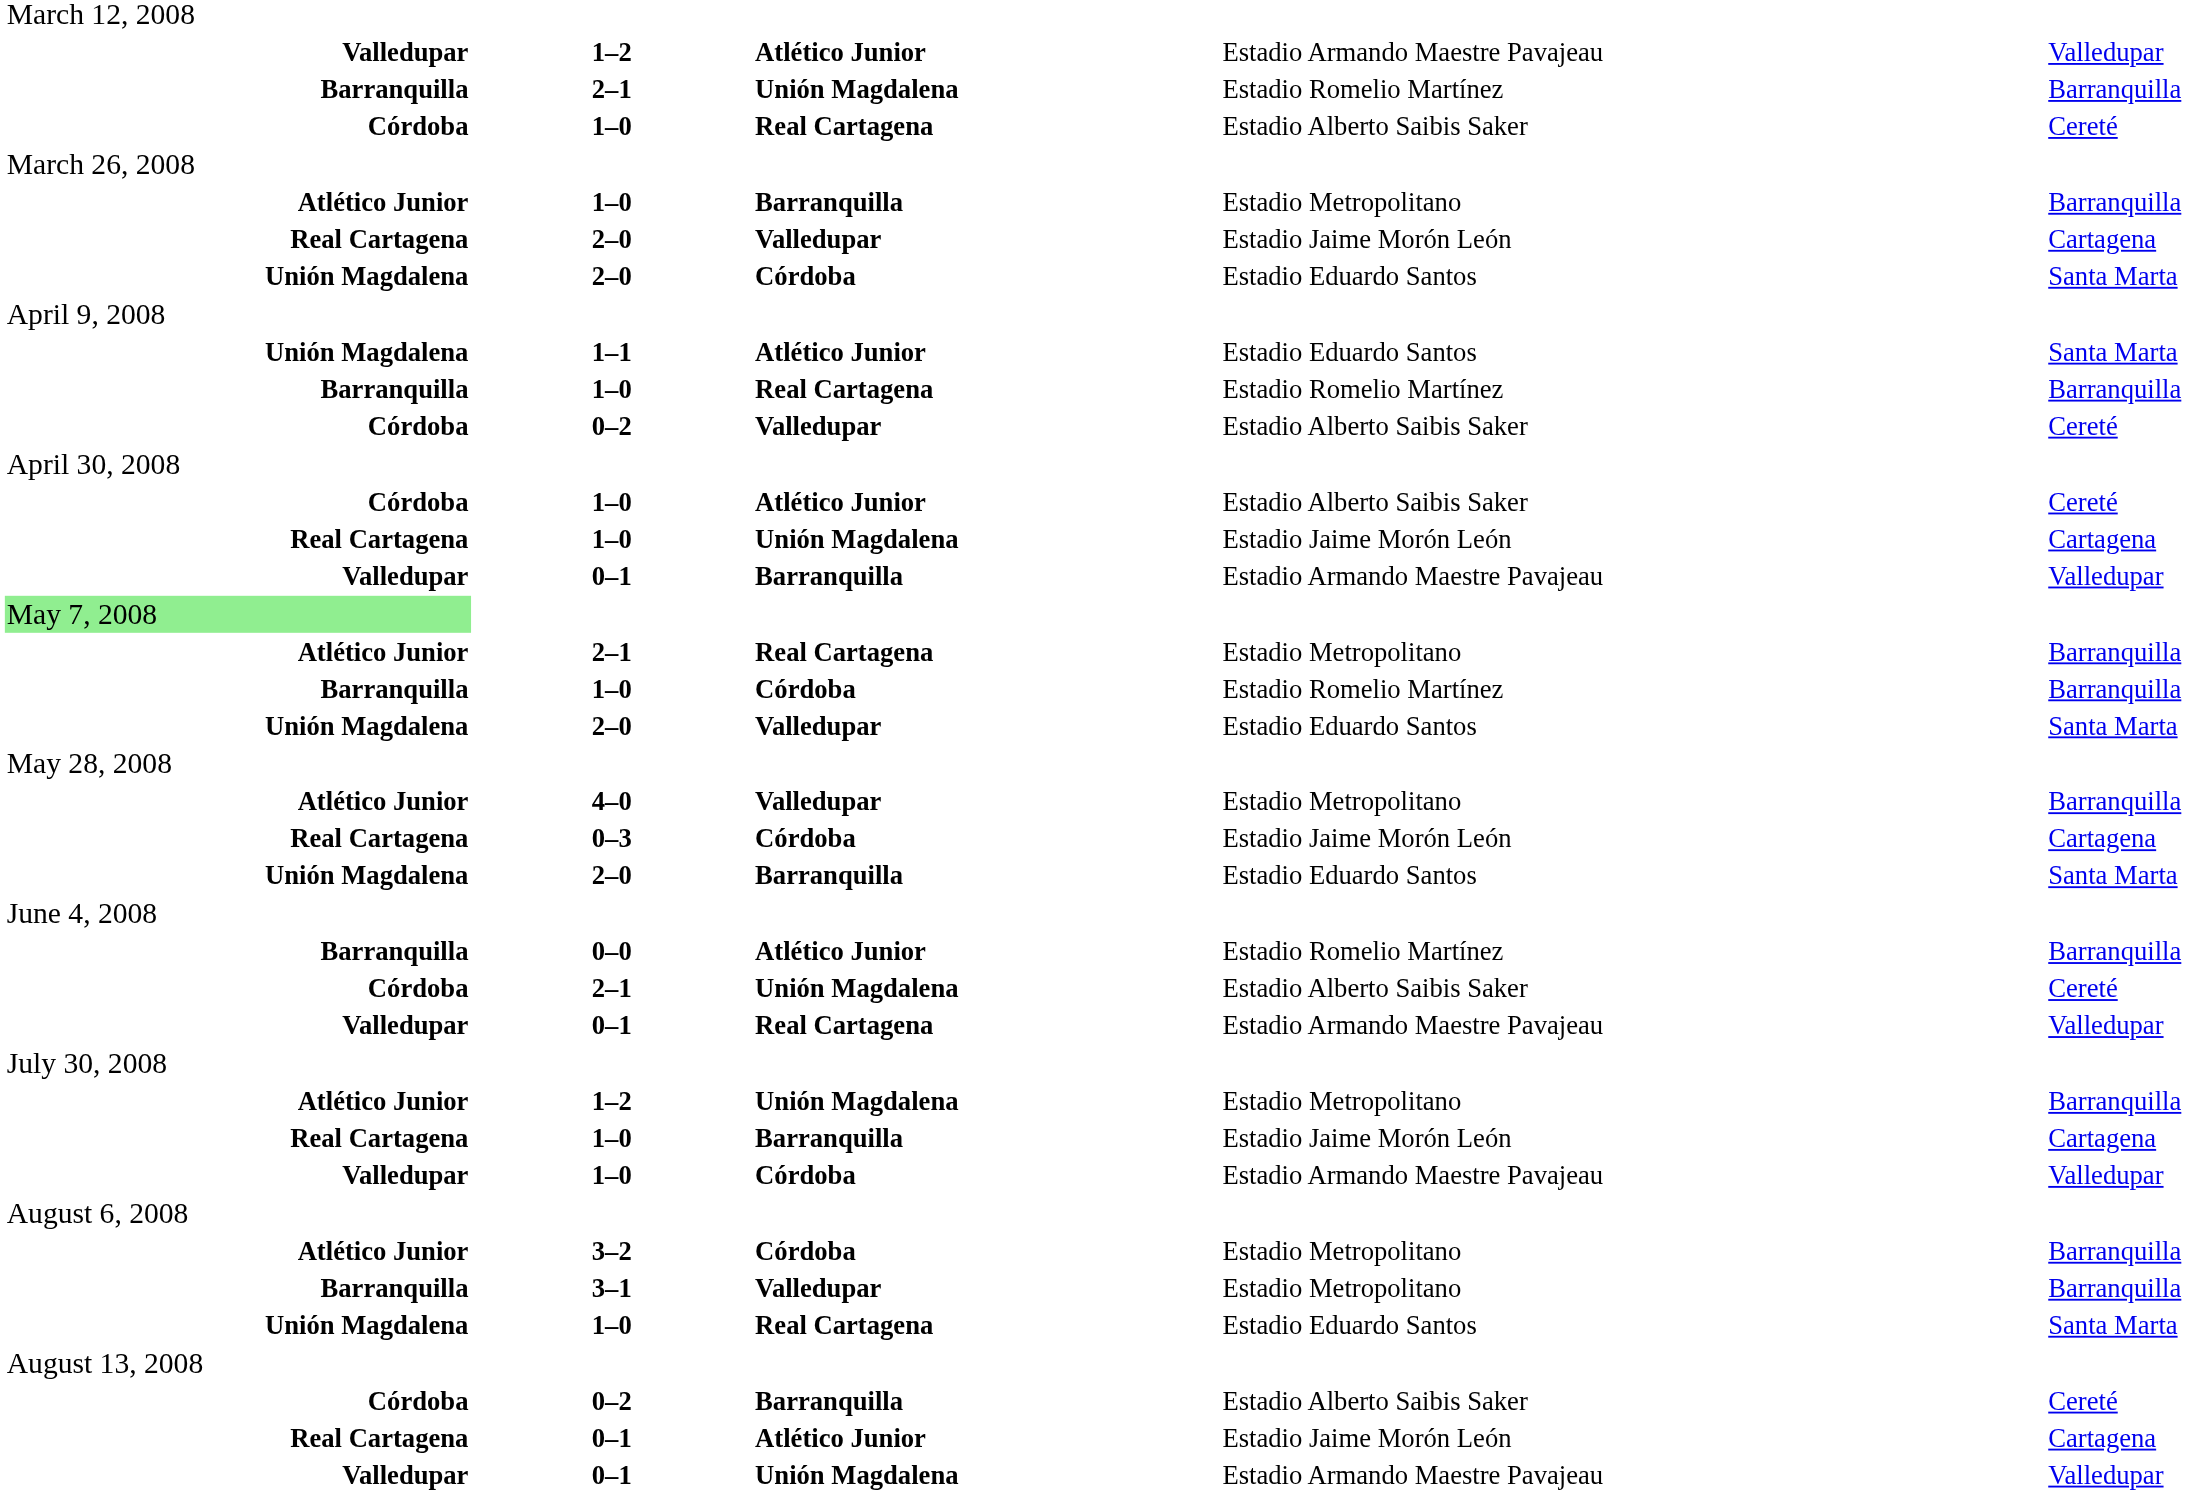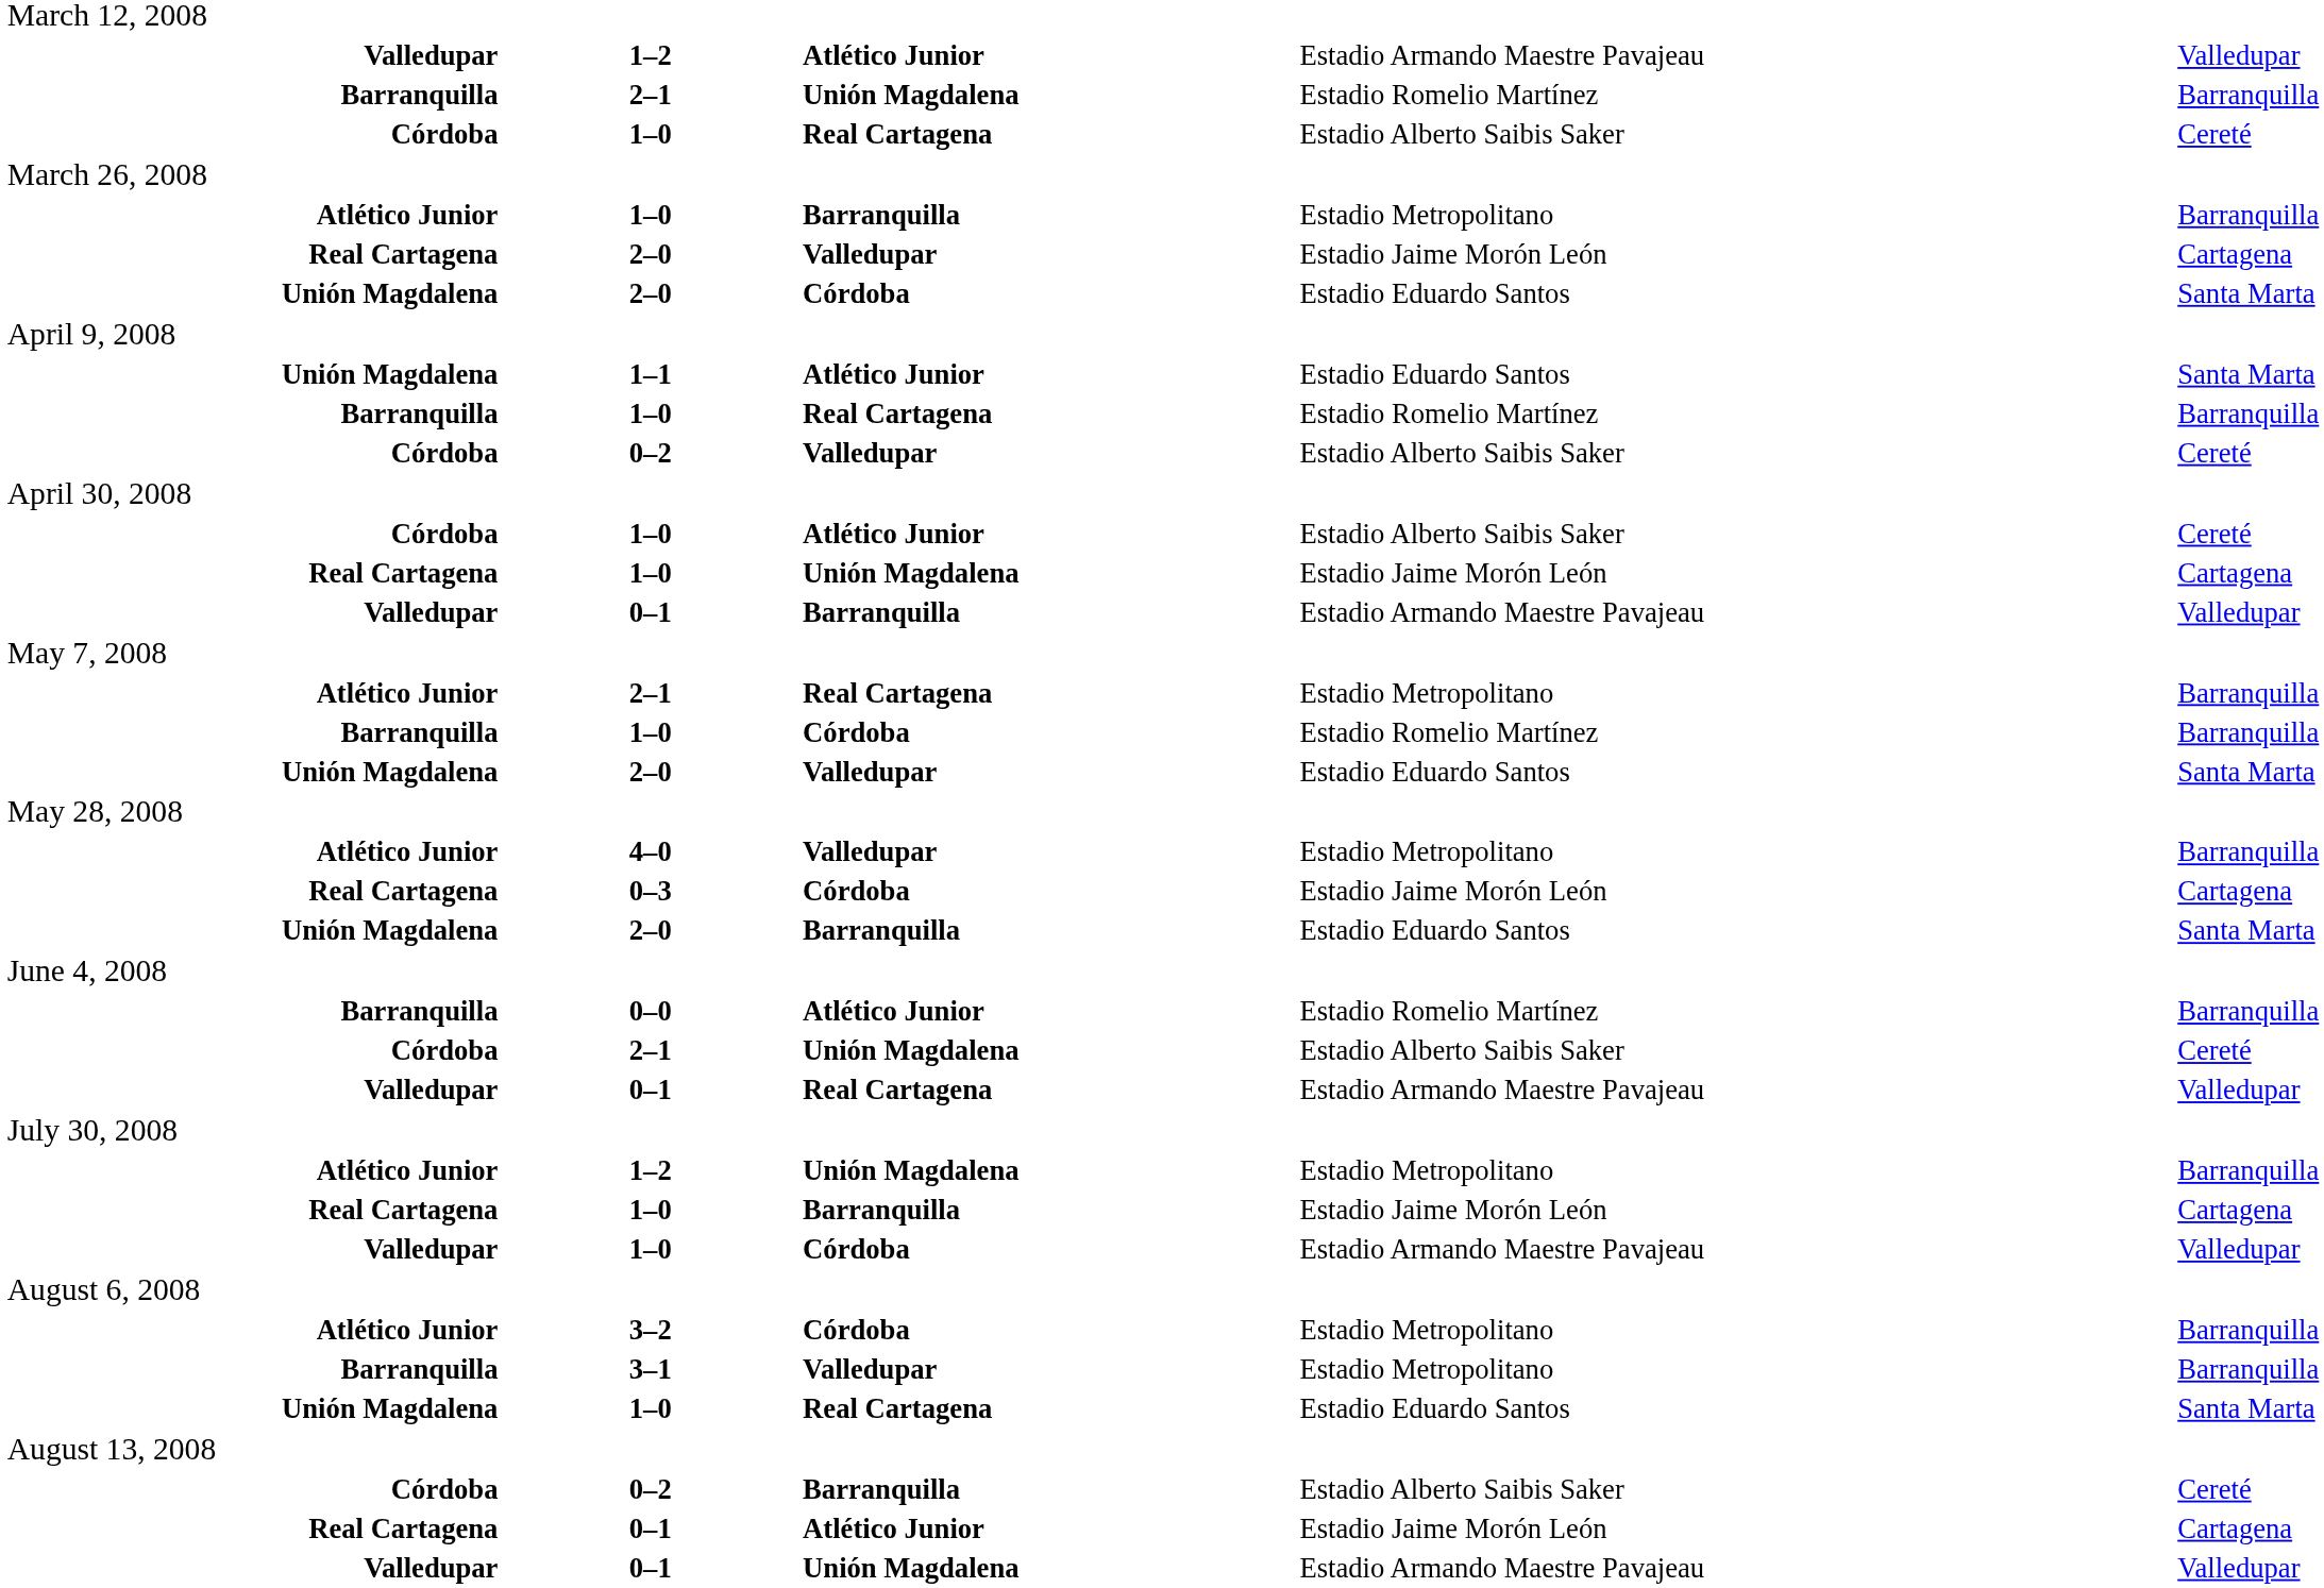 <table style="width:100%;" cellspacing="1">
 <tr>
 <th width=20%></th>
 <th width=12%></th>
 <th width=20%></th>
 <th></th>
 </tr>
 <tr>
 <td>March 12, 2008</td>
 </tr>
 <tr style="font-size:90%;">
 <td align=right><strong>Valledupar</strong></td>
 <td align=center><strong>1–2</strong></td>
 <td><strong>Atlético Junior</strong></td>
 <td>Estadio Armando Maestre Pavajeau</td>
 <td><a href='#'>Valledupar</a></td>
 </tr>
 <tr style="font-size:90%;">
 <td align=right><strong>Barranquilla</strong></td>
 <td align=center><strong>2–1</strong></td>
 <td><strong>Unión Magdalena</strong></td>
 <td>Estadio Romelio Martínez</td>
 <td><a href='#'>Barranquilla</a></td>
 </tr>
 <tr style="font-size:90%;">
 <td align=right><strong>Córdoba</strong></td>
 <td align=center><strong>1–0</strong></td>
 <td><strong>Real Cartagena</strong></td>
 <td>Estadio Alberto Saibis Saker</td>
 <td><a href='#'>Cereté</a></td>
 </tr>
 <tr>
 <td>March 26, 2008</td>
 </tr>
 <tr style="font-size:90%;">
 <td align=right><strong>Atlético Junior</strong></td>
 <td align=center><strong>1–0</strong></td>
 <td><strong>Barranquilla</strong></td>
 <td>Estadio Metropolitano</td>
 <td><a href='#'>Barranquilla</a></td>
 </tr>
 <tr style="font-size:90%;">
 <td align=right><strong>Real Cartagena</strong></td>
 <td align=center><strong>2–0</strong></td>
 <td><strong>Valledupar</strong></td>
 <td>Estadio Jaime Morón León</td>
 <td><a href='#'>Cartagena</a></td>
 </tr>
 <tr style="font-size:90%;">
 <td align=right><strong>Unión Magdalena</strong></td>
 <td align=center><strong>2–0</strong></td>
 <td><strong>Córdoba</strong></td>
 <td>Estadio Eduardo Santos</td>
 <td><a href='#'>Santa Marta</a></td>
 </tr>
 <tr>
 <td>April 9, 2008</td>
 </tr>
 <tr style="font-size:90%;">
 <td align=right><strong>Unión Magdalena</strong></td>
 <td align=center><strong>1–1</strong></td>
 <td><strong>Atlético Junior</strong></td>
 <td>Estadio Eduardo Santos</td>
 <td><a href='#'>Santa Marta</a></td>
 </tr>
 <tr style="font-size:90%;">
 <td align=right><strong>Barranquilla</strong></td>
 <td align=center><strong>1–0</strong></td>
 <td><strong>Real Cartagena</strong></td>
 <td>Estadio Romelio Martínez</td>
 <td><a href='#'>Barranquilla</a></td>
 </tr>
 <tr style="font-size:90%;">
 <td align=right><strong>Córdoba</strong></td>
 <td align=center><strong>0–2</strong></td>
 <td><strong>Valledupar</strong></td>
 <td>Estadio Alberto Saibis Saker</td>
 <td><a href='#'>Cereté</a></td>
 </tr>
 <tr>
 <td>April 30, 2008</td>
 </tr>
 <tr style="font-size:90%;">
 <td align=right><strong>Córdoba</strong></td>
 <td align=center><strong>1–0</strong></td>
 <td><strong>Atlético Junior</strong></td>
 <td>Estadio Alberto Saibis Saker</td>
 <td><a href='#'>Cereté</a></td>
 </tr>
 <tr style="font-size:90%;">
 <td align=right><strong>Real Cartagena</strong></td>
 <td align=center><strong>1–0</strong></td>
 <td><strong>Unión Magdalena</strong></td>
 <td>Estadio Jaime Morón León</td>
 <td><a href='#'>Cartagena</a></td>
 </tr>
 <tr style="font-size:90%;">
 <td align=right><strong>Valledupar</strong></td>
 <td align=center><strong>0–1</strong></td>
 <td><strong>Barranquilla</strong></td>
 <td>Estadio Armando Maestre Pavajeau</td>
 <td><a href='#'>Valledupar</a></td>
 </tr>
 <tr>
-<td style="background: lightgreen;">May 7, 2008</td>
+<td>May 7, 2008</td>
 </tr>
 <tr style="font-size:90%;">
 <td align=right><strong>Atlético Junior</strong></td>
 <td align=center><strong>2–1</strong></td>
 <td><strong>Real Cartagena</strong></td>
 <td>Estadio Metropolitano</td>
 <td><a href='#'>Barranquilla</a></td>
 </tr>
 <tr style="font-size:90%;">
 <td align=right><strong>Barranquilla</strong></td>
 <td align=center><strong>1–0</strong></td>
 <td><strong>Córdoba</strong></td>
 <td>Estadio Romelio Martínez</td>
 <td><a href='#'>Barranquilla</a></td>
 </tr>
 <tr style="font-size:90%;">
 <td align=right><strong>Unión Magdalena</strong></td>
 <td align=center><strong>2–0</strong></td>
 <td><strong>Valledupar</strong></td>
 <td>Estadio Eduardo Santos</td>
 <td><a href='#'>Santa Marta</a></td>
 </tr>
 <tr>
 <td>May 28, 2008</td>
 </tr>
 <tr style="font-size:90%;">
 <td align=right><strong>Atlético Junior</strong></td>
 <td align=center><strong>4–0</strong></td>
 <td><strong>Valledupar</strong></td>
 <td>Estadio Metropolitano</td>
 <td><a href='#'>Barranquilla</a></td>
 </tr>
 <tr style="font-size:90%;">
 <td align=right><strong>Real Cartagena</strong></td>
 <td align=center><strong>0–3</strong></td>
 <td><strong>Córdoba</strong></td>
 <td>Estadio Jaime Morón León</td>
 <td><a href='#'>Cartagena</a></td>
 </tr>
 <tr style="font-size:90%;">
 <td align=right><strong>Unión Magdalena</strong></td>
 <td align=center><strong>2–0</strong></td>
 <td><strong>Barranquilla</strong></td>
 <td>Estadio Eduardo Santos</td>
 <td><a href='#'>Santa Marta</a></td>
 </tr>
 <tr>
 <td>June 4, 2008</td>
 </tr>
 <tr style="font-size:90%;">
 <td align=right><strong>Barranquilla</strong></td>
 <td align=center><strong> 0–0 </strong></td>
 <td><strong>Atlético Junior</strong></td>
 <td>Estadio Romelio Martínez</td>
 <td><a href='#'>Barranquilla</a></td>
 </tr>
 <tr style="font-size:90%;">
 <td align=right><strong>Córdoba</strong></td>
 <td align=center><strong> 2–1 </strong></td>
 <td><strong>Unión Magdalena</strong></td>
 <td>Estadio Alberto Saibis Saker</td>
 <td><a href='#'>Cereté</a></td>
 </tr>
 <tr style="font-size:90%;">
 <td align=right><strong>Valledupar</strong></td>
 <td align=center><strong> 0–1 </strong></td>
 <td><strong>Real Cartagena</strong></td>
 <td>Estadio Armando Maestre Pavajeau</td>
 <td><a href='#'>Valledupar</a></td>
 </tr>
 <tr>
 <td>July 30, 2008</td>
 </tr>
 <tr style="font-size:90%;">
 <td align=right><strong>Atlético Junior</strong></td>
 <td align=center><strong> 1–2 </strong></td>
 <td><strong>Unión Magdalena</strong></td>
 <td>Estadio Metropolitano</td>
 <td><a href='#'>Barranquilla</a></td>
 </tr>
 <tr style="font-size:90%;">
 <td align=right><strong>Real Cartagena</strong></td>
 <td align=center><strong> 1–0 </strong></td>
 <td><strong>Barranquilla</strong></td>
 <td>Estadio Jaime Morón León</td>
 <td><a href='#'>Cartagena</a></td>
 </tr>
 <tr style="font-size:90%;">
 <td align=right><strong>Valledupar</strong></td>
 <td align=center><strong> 1–0 </strong></td>
 <td><strong>Córdoba</strong></td>
 <td>Estadio Armando Maestre Pavajeau</td>
 <td><a href='#'>Valledupar</a></td>
 </tr>
 <tr>
 <td>August 6, 2008</td>
 </tr>
 <tr style="font-size:90%;">
 <td align=right><strong>Atlético Junior</strong></td>
 <td align=center><strong> 3–2 </strong></td>
 <td><strong>Córdoba</strong></td>
 <td>Estadio Metropolitano</td>
 <td><a href='#'>Barranquilla</a></td>
 </tr>
 <tr style="font-size:90%;">
 <td align=right><strong>Barranquilla</strong></td>
 <td align=center><strong> 3–1 </strong></td>
 <td><strong>Valledupar</strong></td>
 <td>Estadio Metropolitano</td>
 <td><a href='#'>Barranquilla</a></td>
 </tr>
 <tr style="font-size:90%;">
 <td align=right><strong>Unión Magdalena</strong></td>
 <td align=center><strong> 1–0 </strong></td>
 <td><strong>Real Cartagena</strong></td>
 <td>Estadio Eduardo Santos</td>
 <td><a href='#'>Santa Marta</a></td>
 </tr>
 <tr>
 <td>August 13, 2008</td>
 </tr>
 <tr style="font-size:90%;">
 <td align=right><strong>Córdoba</strong></td>
 <td align=center><strong> 0–2 </strong></td>
 <td><strong>Barranquilla</strong></td>
 <td>Estadio Alberto Saibis Saker</td>
 <td><a href='#'>Cereté</a></td>
 </tr>
 <tr style="font-size:90%;">
 <td align=right><strong>Real Cartagena</strong></td>
 <td align=center><strong> 0–1 </strong></td>
 <td><strong>Atlético Junior</strong></td>
 <td>Estadio Jaime Morón León</td>
 <td><a href='#'>Cartagena</a></td>
 </tr>
 <tr style="font-size:90%;">
 <td align=right><strong>Valledupar</strong></td>
 <td align=center><strong> 0–1 </strong></td>
 <td><strong>Unión Magdalena</strong></td>
 <td>Estadio Armando Maestre Pavajeau</td>
 <td><a href='#'>Valledupar</a></td>
 </tr>
 </table>
